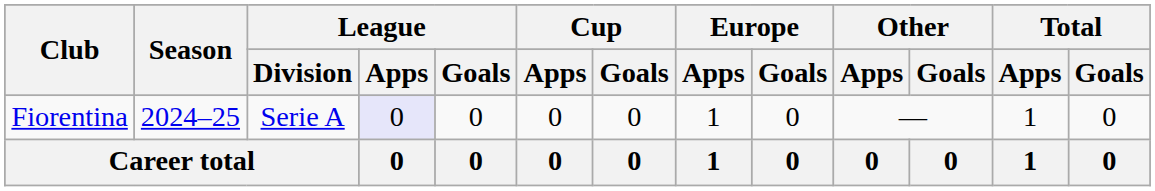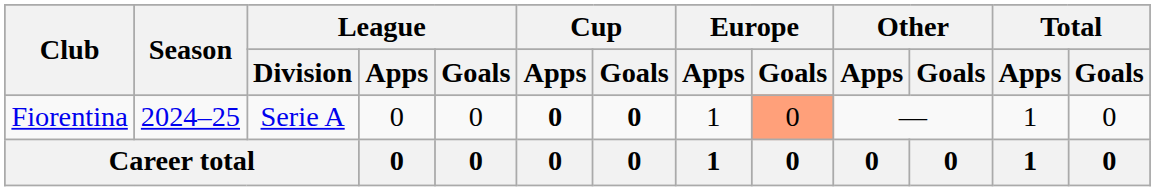 <table class="wikitable" Style="text-align: center">
 <tr>
 <th rowspan="2">Club</th>
 <th rowspan="2">Season</th>
 <th colspan="3">League</th>
 <th colspan="2">Cup</th>
 <th colspan="2">Europe</th>
 <th colspan="2">Other</th>
 <th colspan="2">Total</th>
 </tr>
 <tr>
 <th>Division</th>
 <th>Apps</th>
 <th>Goals</th>
 <th>Apps</th>
 <th>Goals</th>
 <th>Apps</th>
 <th>Goals</th>
 <th>Apps</th>
 <th>Goals</th>
 <th>Apps</th>
 <th>Goals</th>
 </tr>
 <tr>
 <td><a href='#'>Fiorentina</a></td>
 <td><a href='#'>2024–25</a></td>
 <td><a href='#'>Serie A</a></td>
-<td style="background: lavender;">0</td>
 <td>0</td>
 <td>0</td>
-<td>0</td>
+<td><strong>0</strong></td>
+<td><strong>0</strong></td>
 <td>1</td>
-<td>0</td>
+<td style="background: lightsalmon;">0</td>
 <td colspan="2">—</td>
 <td>1</td>
 <td>0</td>
 </tr>
 <tr>
 <th colspan="3">Career total</th>
 <th>0</th>
 <th>0</th>
 <th>0</th>
 <th>0</th>
 <th>1</th>
 <th>0</th>
 <th>0</th>
 <th>0</th>
 <th>1</th>
 <th>0</th>
 </tr>
 </table>
